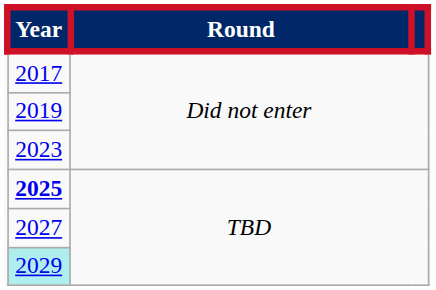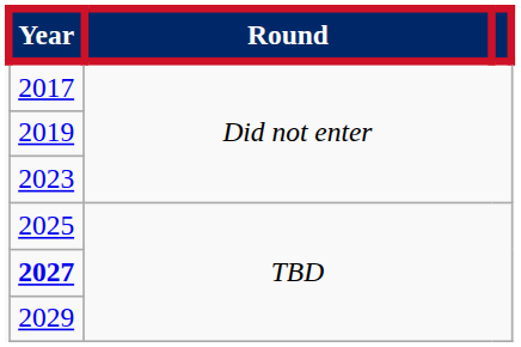 <table class="wikitable" style="text-align: center; font-size:90%">
 <tr style="color:white;">
 <th style="background:#002868; border: 4px solid #CE1126; ">Year</th>
 <th style="background:#002868; border: 4px solid #CE1126; width:200px">Round</th>
 <th style="background:#002868; border: 4px solid #CE1126;"></th>
 </tr>
 <tr>
 <td><a href='#'>2017</a></td>
 <td colspan="2" rowspan="3"><em>Did not enter</em></td>
 </tr>
 <tr>
 <td><a href='#'>2019</a></td>
 </tr>
 <tr>
 <td><a href='#'>2023</a></td>
 </tr>
 <tr>
-<td><strong><a href='#'>2025</a></strong></td>
+<td><a href='#'>2025</a></td>
 <td colspan="2" rowspan="3"><em>TBD</em></td>
 </tr>
 <tr>
-<td><a href='#'>2027</a></td>
+<td><strong><a href='#'>2027</a></strong></td>
 </tr>
 <tr>
-<td style="background: paleturquoise;"><a href='#'>2029</a></td>
+<td><a href='#'>2029</a></td>
 </tr>
 </table>
